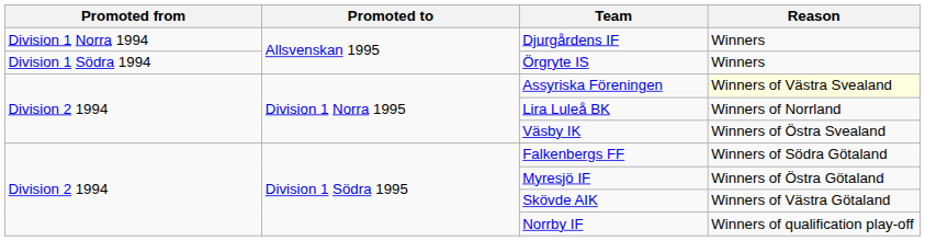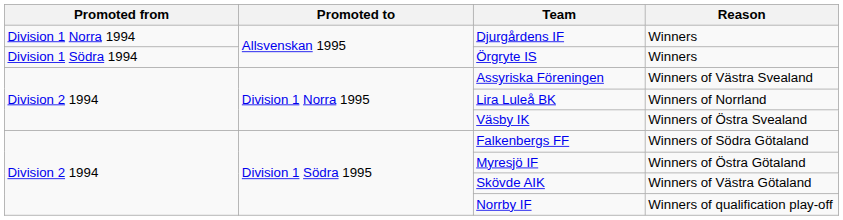 <table class="wikitable" style="text-align: left">
 <tr>
 <th style="width: 275px;">Promoted from</th>
 <th style="width: 275px;">Promoted to</th>
 <th style="width: 200px;">Team</th>
 <th style="width: 225px;">Reason</th>
 </tr>
 <tr>
 <td><a href='#'>Division 1</a> <a href='#'>Norra</a> 1994</td>
 <td rowspan=2><a href='#'>Allsvenskan</a> 1995</td>
 <td><a href='#'>Djurgårdens IF</a></td>
 <td>Winners</td>
 </tr>
 <tr>
 <td><a href='#'>Division 1</a> <a href='#'>Södra</a> 1994</td>
 <td><a href='#'>Örgryte IS</a></td>
 <td>Winners</td>
 </tr>
 <tr>
 <td rowspan=3><a href='#'>Division 2</a> 1994</td>
 <td rowspan=3><a href='#'>Division 1</a> <a href='#'>Norra</a> 1995</td>
 <td><a href='#'>Assyriska Föreningen</a></td>
-<td style="background: lightyellow;">Winners of Västra Svealand</td>
+<td>Winners of Västra Svealand</td>
 </tr>
 <tr>
 <td><a href='#'>Lira Luleå BK</a></td>
 <td>Winners of Norrland</td>
 </tr>
 <tr>
 <td><a href='#'>Väsby IK</a></td>
 <td>Winners of Östra Svealand</td>
 </tr>
 <tr>
 <td rowspan=4><a href='#'>Division 2</a> 1994</td>
 <td rowspan=4><a href='#'>Division 1</a> <a href='#'>Södra</a> 1995</td>
 <td><a href='#'>Falkenbergs FF</a></td>
 <td>Winners of Södra Götaland</td>
 </tr>
 <tr>
 <td><a href='#'>Myresjö IF</a></td>
 <td>Winners of Östra Götaland</td>
 </tr>
 <tr>
 <td><a href='#'>Skövde AIK</a></td>
 <td>Winners of Västra Götaland</td>
 </tr>
 <tr>
 <td><a href='#'>Norrby IF</a></td>
 <td>Winners of qualification play-off</td>
 </tr>
 </table>
